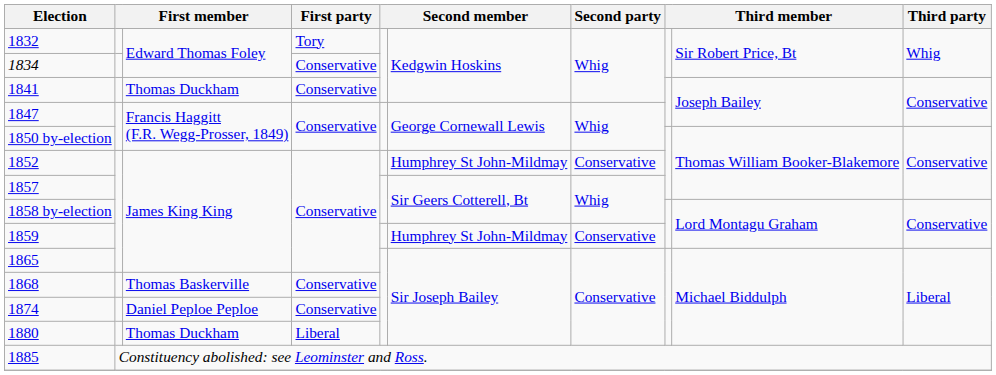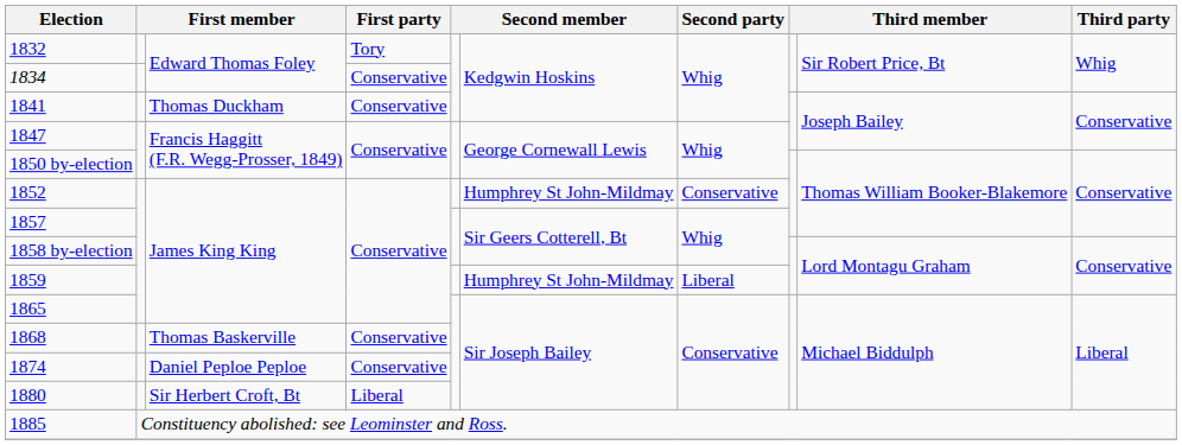 <table class="wikitable">
 <tr>
 <th>Election</th>
 <th colspan="2">First member</th>
 <th>First party</th>
 <th colspan="2">Second member</th>
 <th>Second party</th>
 <th colspan="2">Third member</th>
 <th>Third party</th>
 </tr>
 <tr>
 <td><a href='#'>1832</a> </td>
 <td style="color:inherit;background-color: "></td>
 <td rowspan="2"><a href='#'>Edward Thomas Foley</a> </td>
 <td><a href='#'>Tory</a></td>
 <td rowspan="3" style="color:inherit;background-color: "></td>
 <td rowspan="3"><a href='#'>Kedgwin Hoskins</a> </td>
 <td rowspan="3"><a href='#'>Whig</a></td>
 <td rowspan="2" style="color:inherit;background-color: "></td>
 <td rowspan="2"><a href='#'>Sir Robert Price, Bt</a> </td>
 <td rowspan="2"><a href='#'>Whig</a></td>
 </tr>
 <tr>
 <td><em>1834</em></td>
 <td style="color:inherit;background-color: "></td>
 <td><a href='#'>Conservative</a></td>
 </tr>
 <tr>
 <td><a href='#'>1841</a> </td>
 <td style="color:inherit;background-color: "></td>
 <td><a href='#'>Thomas Duckham</a> </td>
 <td><a href='#'>Conservative</a></td>
 <td rowspan="2" style="color:inherit;background-color: "></td>
 <td rowspan="2"><a href='#'>Joseph Bailey</a> </td>
 <td rowspan="2"><a href='#'>Conservative</a></td>
 </tr>
 <tr>
 <td><a href='#'>1847</a> </td>
 <td rowspan="2" style="color:inherit;background-color: "></td>
 <td rowspan="2"><a href='#'>Francis Haggitt<br>(F.R. Wegg-Prosser, 1849)</a> </td>
 <td rowspan="2"><a href='#'>Conservative</a></td>
 <td rowspan="2" style="color:inherit;background-color: "></td>
 <td rowspan="2"><a href='#'>George Cornewall Lewis</a> </td>
 <td rowspan="2"><a href='#'>Whig</a></td>
 </tr>
 <tr>
 <td><a href='#'>1850 by-election</a> </td>
 <td rowspan="3" style="color:inherit;background-color: "></td>
 <td rowspan="3"><a href='#'>Thomas William Booker-Blakemore</a> </td>
 <td rowspan="3"><a href='#'>Conservative</a></td>
 </tr>
 <tr>
 <td><a href='#'>1852</a> </td>
 <td rowspan="5" style="color:inherit;background-color: "></td>
 <td rowspan="5"><a href='#'>James King King</a> </td>
 <td rowspan="5"><a href='#'>Conservative</a></td>
 <td style="color:inherit;background-color: "></td>
 <td><a href='#'>Humphrey St John-Mildmay</a> </td>
 <td><a href='#'>Conservative</a></td>
 </tr>
 <tr>
 <td><a href='#'>1857</a> </td>
 <td rowspan="2" style="color:inherit;background-color: "></td>
 <td rowspan="2"><a href='#'>Sir Geers Cotterell, Bt</a> </td>
 <td rowspan="2"><a href='#'>Whig</a></td>
 </tr>
 <tr>
 <td><a href='#'>1858 by-election</a> </td>
 <td rowspan="2" style="color:inherit;background-color: "></td>
 <td rowspan="2"><a href='#'>Lord Montagu Graham</a> </td>
 <td rowspan="2"><a href='#'>Conservative</a></td>
 </tr>
 <tr>
 <td><a href='#'>1859</a> </td>
 <td style="color:inherit;background-color: "></td>
 <td><a href='#'>Humphrey St John-Mildmay</a> </td>
-<td><a href='#'>Conservative</a></td>
+<td><a href='#'>Liberal</a></td>
 </tr>
 <tr>
 <td><a href='#'>1865</a> </td>
 <td rowspan="4" style="color:inherit;background-color: "></td>
 <td rowspan="4"><a href='#'>Sir Joseph Bailey</a> </td>
 <td rowspan="4"><a href='#'>Conservative</a></td>
 <td rowspan="4" style="color:inherit;background-color: "></td>
 <td rowspan="4"><a href='#'>Michael Biddulph</a> </td>
 <td rowspan="4"><a href='#'>Liberal</a></td>
 </tr>
 <tr>
 <td><a href='#'>1868</a> </td>
 <td style="color:inherit;background-color: "></td>
 <td><a href='#'>Thomas Baskerville</a> </td>
 <td><a href='#'>Conservative</a></td>
 </tr>
 <tr>
 <td><a href='#'>1874</a> </td>
 <td style="color:inherit;background-color: "></td>
 <td><a href='#'>Daniel Peploe Peploe</a> </td>
 <td><a href='#'>Conservative</a></td>
 </tr>
 <tr>
 <td><a href='#'>1880</a> </td>
 <td style="color:inherit;background-color: "></td>
-<td><a href='#'>Thomas Duckham</a> </td>
+<td><a href='#'>Sir Herbert Croft, Bt</a> </td>
 <td><a href='#'>Liberal</a></td>
 </tr>
 <tr>
 <td><a href='#'>1885</a></td>
 <td colspan="9"><em>Constituency abolished: see <a href='#'>Leominster</a> and <a href='#'>Ross</a>.</em></td>
 </tr>
 <tr>
 </tr>
 </table>
